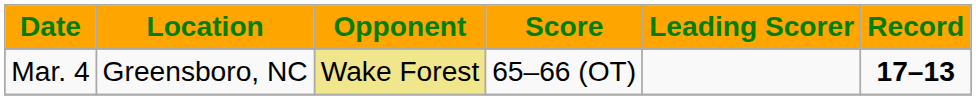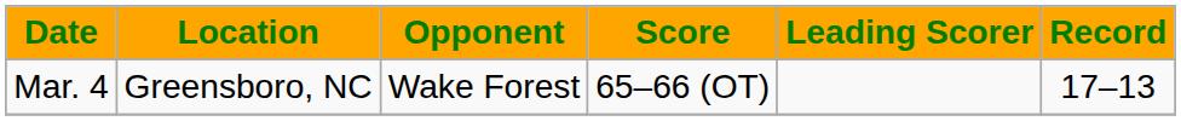 <table class="wikitable" style="text-align:center">
 <tr>
 <th style="background:orange;color:green;">Date</th>
 <th style="background:orange;color:green;">Location</th>
 <th style="background:orange;color:green;">Opponent</th>
 <th style="background:orange;color:green;">Score</th>
 <th style="background:orange;color:green;">Leading Scorer</th>
 <th style="background:orange;color:green;">Record</th>
 </tr>
 <tr>
 <td>Mar. 4</td>
 <td>Greensboro, NC</td>
-<td style="background: khaki;">Wake Forest</td>
+<td>Wake Forest</td>
 <td>65–66 (OT)</td>
 <td></td>
-<td><strong>17–13</strong></td>
+<td>17–13</td>
 </tr>
 <tr>
 </tr>
 </table>
